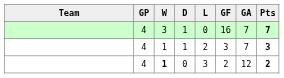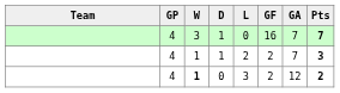 <table style=border-collapse:collapse border=1 cellspacing=0 cellpadding=5>
 <tr align=center bgcolor=#efefef>
 <th width=185>Team</th>
 <th width=20>GP</th>
 <th width=20>W</th>
 <th width=20>D</th>
 <th width=20>L</th>
 <th width=20>GF</th>
 <th width=20>GA</th>
 <th width=20>Pts</th>
 </tr>
 <tr bgcolor=#ccffcc align=center>
 <td style="text-align:left;"></td>
 <td>4</td>
 <td>3</td>
 <td>1</td>
 <td>0</td>
 <td>16</td>
 <td>7</td>
 <td><strong>7</strong></td>
 </tr>
 <tr align=center>
 <td style="text-align:left;"></td>
 <td>4</td>
 <td>1</td>
 <td>1</td>
 <td>2</td>
-<td>3</td>
+<td>2</td>
 <td>7</td>
 <td><strong>3</strong></td>
 </tr>
 <tr align=center>
 <td style="text-align:left;"></td>
 <td>4</td>
 <td><strong>1</strong></td>
 <td>0</td>
 <td>3</td>
 <td>2</td>
 <td>12</td>
 <td><strong>2</strong></td>
 </tr>
 </table>
